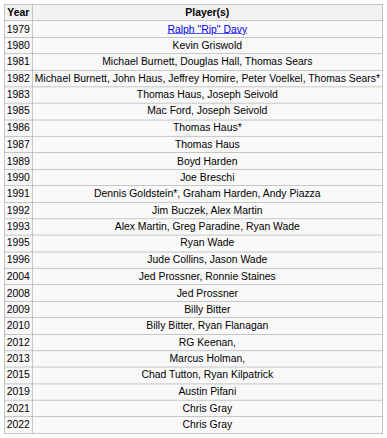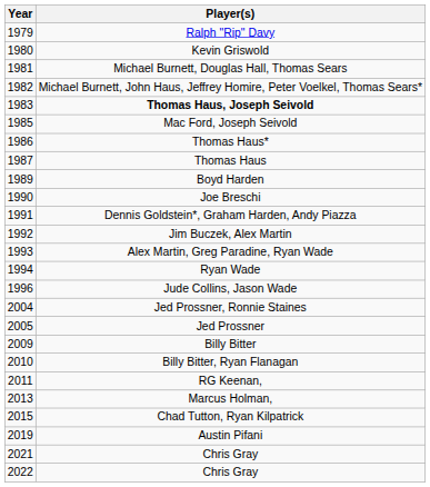 <table class="wikitable" style="text-align: center;">
 <tr>
 <th>Year</th>
 <th>Player(s)</th>
 </tr>
 <tr>
 <td>1979</td>
 <td><a href='#'>Ralph "Rip" Davy</a></td>
 </tr>
 <tr>
 <td>1980</td>
 <td>Kevin Griswold</td>
 </tr>
 <tr>
 <td>1981</td>
 <td>Michael Burnett, Douglas Hall, Thomas Sears</td>
 </tr>
 <tr>
 <td>1982</td>
 <td>Michael Burnett, John Haus, Jeffrey Homire, Peter Voelkel, Thomas Sears*</td>
 </tr>
 <tr 1983    Peter G. Voelkel>
 <td>1983</td>
-<td>Thomas Haus, Joseph Seivold</td>
+<td><strong>Thomas Haus, Joseph Seivold</strong></td>
 </tr>
 <tr>
 <td>1985</td>
 <td>Mac Ford, Joseph Seivold</td>
 </tr>
 <tr>
 <td>1986</td>
 <td>Thomas Haus*</td>
 </tr>
 <tr>
 <td>1987</td>
 <td>Thomas Haus</td>
 </tr>
 <tr>
 <td>1989</td>
 <td>Boyd Harden</td>
 </tr>
 <tr>
 <td>1990</td>
 <td>Joe Breschi</td>
 </tr>
 <tr>
 <td>1991</td>
 <td>Dennis Goldstein*, Graham Harden, Andy Piazza</td>
 </tr>
 <tr>
 <td>1992</td>
 <td>Jim Buczek, Alex Martin</td>
 </tr>
 <tr>
 <td>1993</td>
 <td>Alex Martin, Greg Paradine, Ryan Wade</td>
 </tr>
 <tr>
-<td>1995</td>
+<td>1994</td>
 <td>Ryan Wade</td>
 </tr>
 <tr>
 <td>1996</td>
 <td>Jude Collins, Jason Wade</td>
 </tr>
 <tr>
 <td>2004</td>
 <td>Jed Prossner, Ronnie Staines</td>
 </tr>
 <tr>
-<td>2008</td>
+<td>2005</td>
 <td>Jed Prossner</td>
 </tr>
 <tr>
 <td>2009</td>
 <td>Billy Bitter</td>
 </tr>
 <tr>
 <td>2010</td>
 <td>Billy Bitter, Ryan Flanagan</td>
 </tr>
 <tr>
-<td>2012</td>
+<td>2011</td>
 <td>RG Keenan,</td>
 </tr>
 <tr>
 <td>2013</td>
 <td>Marcus Holman,</td>
 </tr>
 <tr>
 <td>2015</td>
 <td>Chad Tutton, Ryan Kilpatrick</td>
 </tr>
 <tr>
 <td>2019</td>
 <td>Austin Pifani</td>
 </tr>
 <tr>
 <td>2021</td>
 <td>Chris Gray</td>
 </tr>
 <tr>
 <td>2022</td>
 <td>Chris Gray</td>
 </tr>
 </table>
